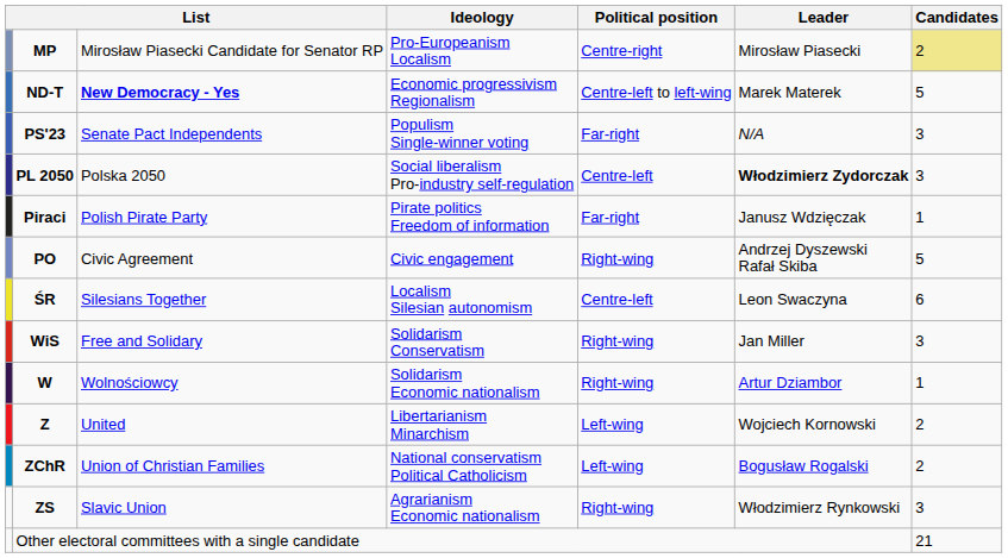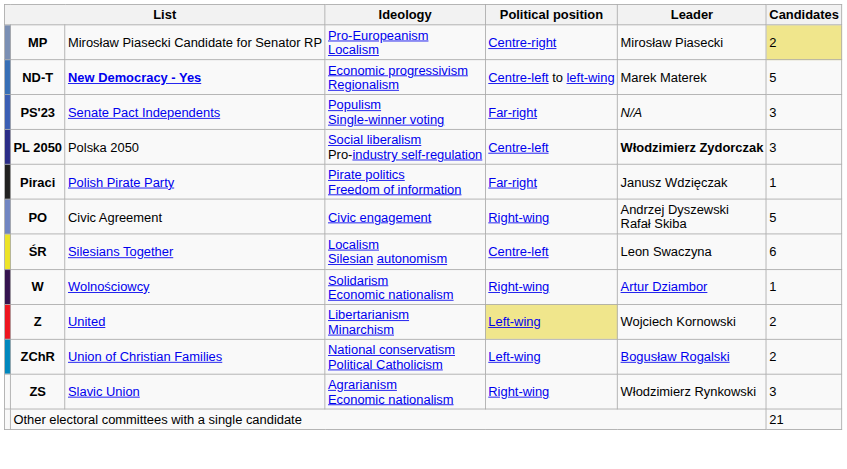 <table class=wikitable style="font-size:95%;">
 <tr>
 <th colspan="3">List</th>
 <th>Ideology</th>
 <th>Political position</th>
 <th>Leader</th>
 <th>Candidates</th>
 </tr>
 <tr>
 <td style="background:#7a8fb4;"></td>
 <td style="text-align:center;"><strong>MP</strong></td>
 <td>Mirosław Piasecki Candidate for Senator RP<br></td>
 <td><a href='#'>Pro-Europeanism</a><br><a href='#'>Localism</a></td>
 <td><a href='#'>Centre-right</a></td>
 <td>Mirosław Piasecki</td>
 <td style="background: khaki;">2</td>
 </tr>
 <tr>
 <td style="background:#376FB6;"></td>
 <td style="text-align:center;"><strong>ND-T</strong></td>
 <td><strong><a href='#'>New Democracy - Yes</a><br></strong></td>
 <td><a href='#'>Economic progressivism</a><br><a href='#'>Regionalism</a></td>
 <td><a href='#'>Centre-left</a> to <a href='#'>left-wing</a></td>
 <td>Marek Materek</td>
 <td>5</td>
 </tr>
 <tr>
 <td style="background:#3A5EB4;"></td>
 <td style="text-align:center;"><strong>PS'23</strong></td>
 <td><a href='#'>Senate Pact Independents</a><br></td>
 <td><a href='#'>Populism</a><br><a href='#'>Single-winner voting</a></td>
 <td><a href='#'>Far-right</a></td>
 <td><em>N/A</em></td>
 <td>3</td>
 </tr>
 <tr>
 <td style="background:#2b2d88;"></td>
 <td style="text-align:center;"><strong>PL 2050</strong></td>
 <td>Polska 2050</td>
 <td><a href='#'>Social liberalism</a><br>Pro-<a href='#'>industry self-regulation</a></td>
 <td><a href='#'>Centre-left</a></td>
 <td><strong>Włodzimierz Zydorczak</strong></td>
 <td>3</td>
 </tr>
 <tr>
 <td style="background:#212120;"></td>
 <td style="text-align:center;"><strong>Piraci</strong></td>
 <td><a href='#'>Polish Pirate Party</a><br></td>
 <td><a href='#'>Pirate politics</a><br><a href='#'>Freedom of information</a></td>
 <td><a href='#'>Far-right</a></td>
 <td>Janusz Wdzięczak</td>
 <td>1</td>
 </tr>
 <tr>
 <td style="background:#7085c2;"></td>
 <td style="text-align:center;"><strong>PO</strong></td>
 <td>Civic Agreement<br></td>
 <td><a href='#'>Civic engagement</a></td>
 <td><a href='#'>Right-wing</a></td>
 <td>Andrzej Dyszewski<br>Rafał Skiba</td>
 <td>5</td>
 </tr>
 <tr>
 <td style="background:#EDE427;"></td>
 <td style="text-align:center;"><strong>ŚR</strong></td>
 <td><a href='#'>Silesians Together</a><br></td>
 <td><a href='#'>Localism</a><br><a href='#'>Silesian</a> <a href='#'>autonomism</a></td>
 <td><a href='#'>Centre-left</a></td>
 <td>Leon Swaczyna</td>
 <td>6</td>
 </tr>
 <tr>
-<td style="background:#D8261C;"></td>
-<td style="text-align:center;"><strong>WiS</strong></td>
-<td><a href='#'>Free and Solidary</a><br></td>
-<td><a href='#'>Solidarism</a><br><a href='#'>Conservatism</a></td>
-<td><a href='#'>Right-wing</a></td>
-<td>Jan Miller</td>
-<td>3</td>
-</tr>
-<tr>
 <td style="background:#35134F;"></td>
 <td style="text-align:center;"><strong>W</strong></td>
 <td><a href='#'>Wolnościowcy</a></td>
 <td><a href='#'>Solidarism</a><br><a href='#'>Economic nationalism</a></td>
 <td><a href='#'>Right-wing</a></td>
 <td><a href='#'>Artur Dziambor</a></td>
 <td>1</td>
 </tr>
 <tr>
 <td style="background:#ee151f;"></td>
 <td style="text-align:center;"><strong>Z</strong></td>
 <td><a href='#'>United</a><br></td>
 <td><a href='#'>Libertarianism</a><br><a href='#'>Minarchism</a></td>
-<td><a href='#'>Left-wing</a></td>
+<td style="background: khaki;"><a href='#'>Left-wing</a></td>
 <td>Wojciech Kornowski</td>
 <td>2</td>
 </tr>
 <tr>
 <td style="background:#0087BD;"></td>
 <td style="text-align:center;"><strong>ZChR</strong></td>
 <td><a href='#'>Union of Christian Families</a><br></td>
 <td><a href='#'>National conservatism</a><br><a href='#'>Political Catholicism</a></td>
 <td><a href='#'>Left-wing</a></td>
 <td><a href='#'>Bogusław Rogalski</a></td>
 <td>2</td>
 </tr>
 <tr>
 <td style="background:"></td>
 <td style="text-align:center;"><strong>ZS</strong></td>
 <td><a href='#'>Slavic Union</a><br></td>
 <td><a href='#'>Agrarianism</a><br><a href='#'>Economic nationalism</a></td>
 <td><a href='#'>Right-wing</a></td>
 <td>Włodzimierz Rynkowski</td>
 <td>3</td>
 </tr>
 <tr>
 <td style="background:"></td>
 <td colspan="5">Other electoral committees with a single candidate</td>
 <td>21</td>
 </tr>
 </table>
